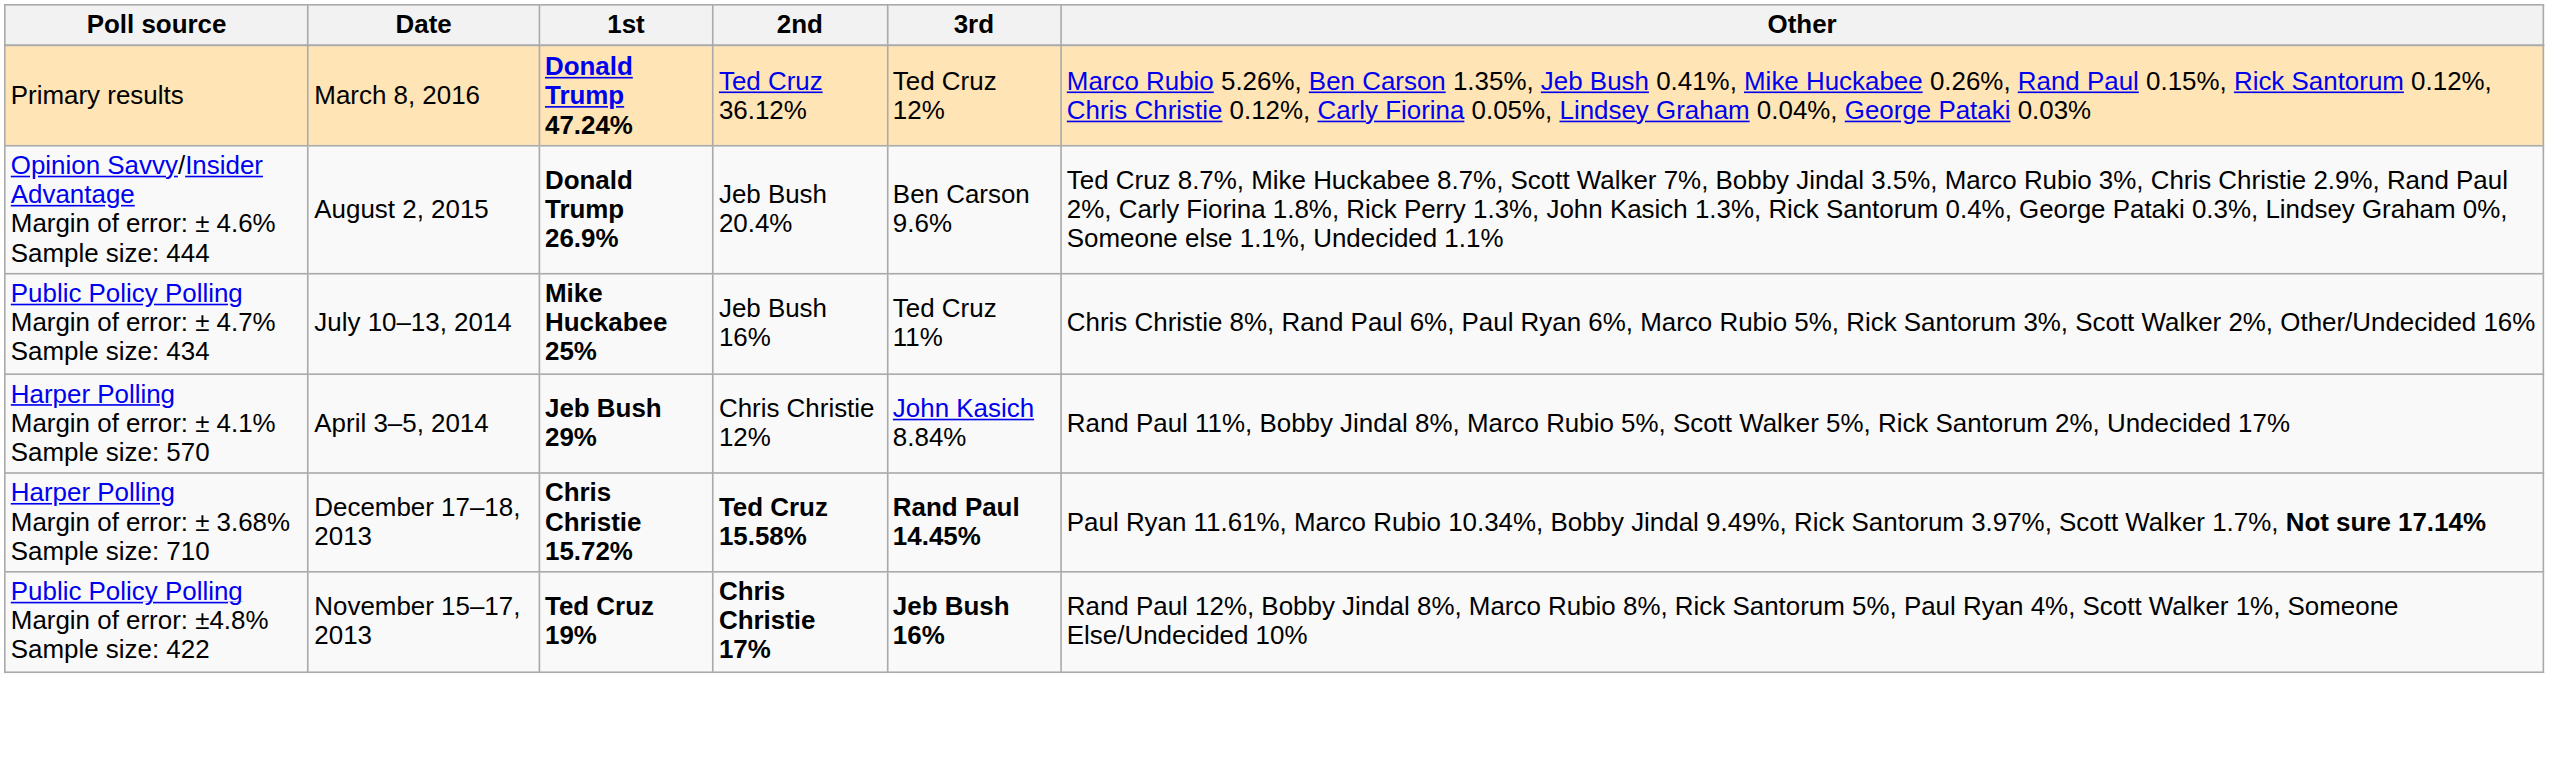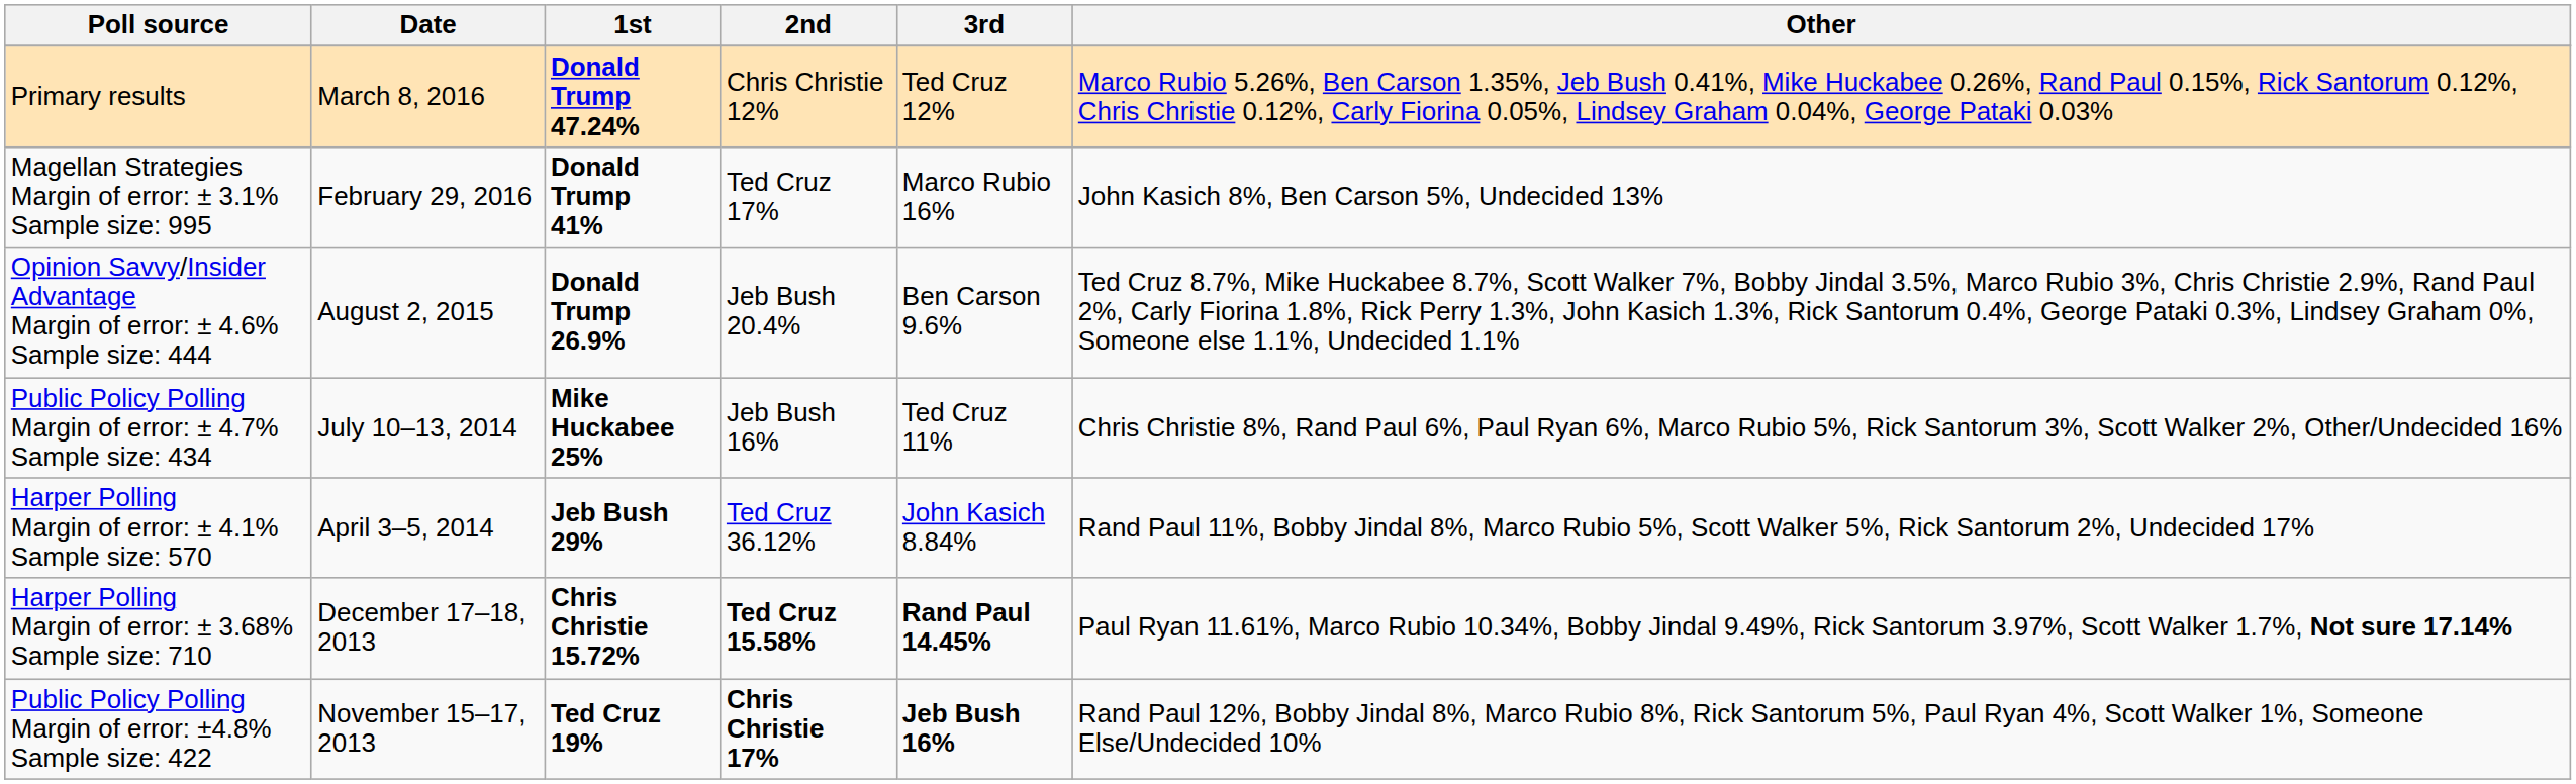 <table class="wikitable">
 <tr>
 <th style="width:180px;">Poll source</th>
 <th style="width:135px;">Date</th>
 <th style="width:100px;">1st</th>
 <th style="width:100px;">2nd</th>
 <th style="width:100px;">3rd</th>
 <th>Other</th>
 </tr>
 <tr>
 </tr>
 <tr style="background:Moccasin;">
 <td>Primary results</td>
 <td>March 8, 2016</td>
 <td><strong><a href='#'>Donald Trump</a><br>47.24%</strong></td>
-<td><a href='#'>Ted Cruz</a><br>36.12%</td>
+<td>Chris Christie<br>12%</td>
 <td>Ted Cruz<br>12%</td>
 <td><a href='#'>Marco Rubio</a> 5.26%, <a href='#'>Ben Carson</a> 1.35%, <a href='#'>Jeb Bush</a> 0.41%, <a href='#'>Mike Huckabee</a> 0.26%, <a href='#'>Rand Paul</a> 0.15%, <a href='#'>Rick Santorum</a> 0.12%, <a href='#'>Chris Christie</a> 0.12%, <a href='#'>Carly Fiorina</a> 0.05%, <a href='#'>Lindsey Graham</a> 0.04%, <a href='#'>George Pataki</a> 0.03%</td>
+</tr>
+<tr>
+<td>Magellan Strategies<br>Margin of error: ± 3.1% <br>Sample size: 995</td>
+<td>February 29, 2016</td>
+<td><strong>Donald Trump<br>41%</strong></td>
+<td>Ted Cruz<br>17%</td>
+<td>Marco Rubio<br>16%</td>
+<td>John Kasich 8%, Ben Carson 5%, Undecided 13%</td>
 </tr>
 <tr>
 <td><a href='#'>Opinion Savvy</a>/<a href='#'>Insider Advantage</a><br>Margin of error: ± 4.6% <br>Sample size: 444</td>
 <td>August 2, 2015</td>
 <td><strong>Donald Trump<br>26.9%</strong></td>
 <td>Jeb Bush<br>20.4%</td>
 <td>Ben Carson<br>9.6%</td>
 <td>Ted Cruz 8.7%, Mike Huckabee 8.7%, Scott Walker 7%, Bobby Jindal 3.5%, Marco Rubio 3%, Chris Christie 2.9%, Rand Paul 2%, Carly Fiorina 1.8%, Rick Perry 1.3%, John Kasich 1.3%, Rick Santorum 0.4%, George Pataki 0.3%, Lindsey Graham 0%, Someone else 1.1%, Undecided 1.1%</td>
 </tr>
 <tr>
 <td><a href='#'>Public Policy Polling</a><br>Margin of error: ± 4.7% <br>Sample size: 434</td>
 <td>July 10–13, 2014</td>
 <td><strong>Mike Huckabee<br>25%</strong></td>
 <td>Jeb Bush<br>16%</td>
 <td>Ted Cruz<br>11%</td>
 <td>Chris Christie 8%, Rand Paul 6%, Paul Ryan 6%, Marco Rubio 5%, Rick Santorum 3%, Scott Walker 2%, Other/Undecided 16%</td>
 </tr>
 <tr>
 <td><a href='#'>Harper Polling</a><br>Margin of error: ± 4.1% <br>Sample size: 570</td>
 <td>April 3–5, 2014</td>
 <td><strong>Jeb Bush<br>29%</strong></td>
-<td>Chris Christie<br>12%</td>
+<td><a href='#'>Ted Cruz</a><br>36.12%</td>
 <td><a href='#'>John Kasich</a><br>8.84%</td>
 <td>Rand Paul 11%, Bobby Jindal 8%, Marco Rubio 5%, Scott Walker 5%, Rick Santorum 2%, Undecided 17%</td>
 </tr>
 <tr>
 <td><a href='#'>Harper Polling</a><br>Margin of error: ± 3.68% <br>Sample size: 710</td>
 <td>December 17–18, 2013</td>
 <td><strong>Chris Christie<br>15.72%</strong></td>
 <td><strong>Ted Cruz<br>15.58%</strong></td>
 <td><strong>Rand Paul<br>14.45%</strong></td>
 <td>Paul Ryan 11.61%, Marco Rubio 10.34%, Bobby Jindal 9.49%, Rick Santorum 3.97%, Scott Walker 1.7%, <span><strong>Not sure 17.14%</strong></span></td>
 </tr>
 <tr>
 <td><a href='#'>Public Policy Polling</a><br>Margin of error: ±4.8% <br>Sample size: 422</td>
 <td>November 15–17, 2013</td>
 <td><strong>Ted Cruz<br>19%</strong></td>
 <td><strong>Chris Christie<br>17%</strong></td>
 <td><strong>Jeb Bush<br>16%</strong></td>
 <td>Rand Paul 12%, Bobby Jindal 8%, Marco Rubio 8%, Rick Santorum 5%, Paul Ryan 4%, Scott Walker 1%, Someone Else/Undecided 10%</td>
 </tr>
 </table>
